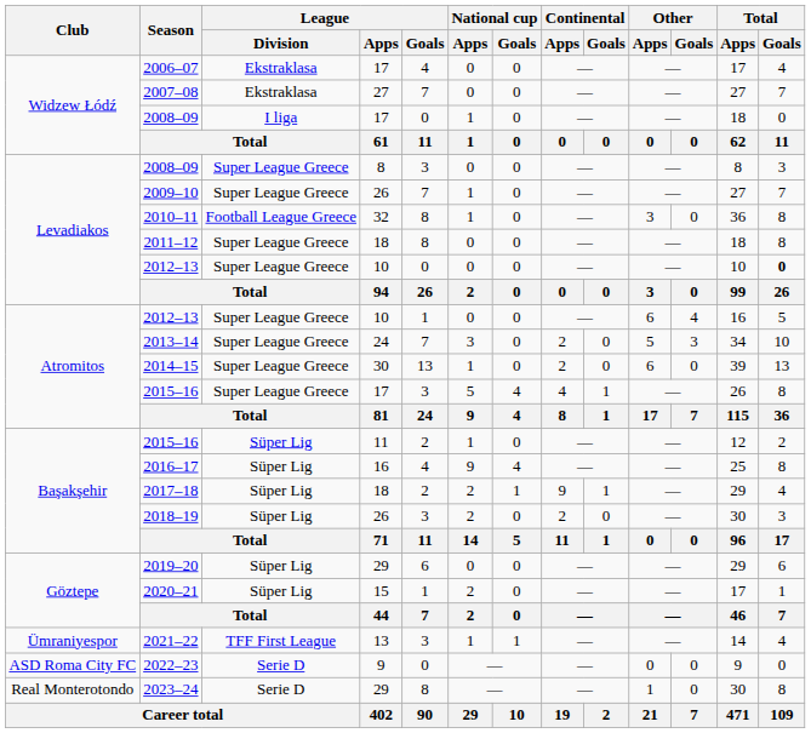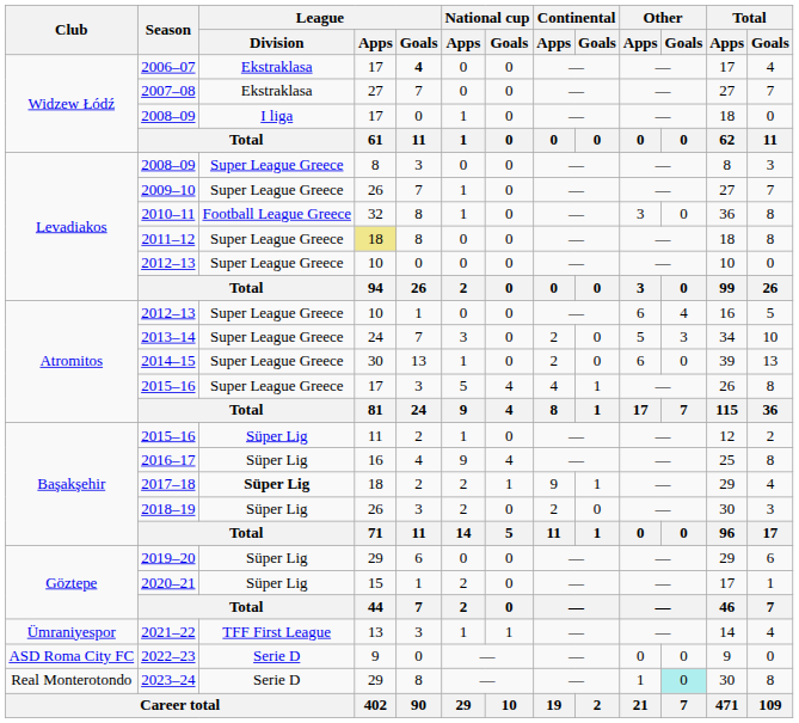 <table class="wikitable" style="text-align: center;">
 <tr>
 <th rowspan="2">Club</th>
 <th rowspan="2">Season</th>
 <th colspan="3">League</th>
 <th colspan="2">National cup</th>
 <th colspan="2">Continental</th>
 <th colspan="2">Other</th>
 <th colspan="2">Total</th>
 </tr>
 <tr>
 <th>Division</th>
 <th>Apps</th>
 <th>Goals</th>
 <th>Apps</th>
 <th>Goals</th>
 <th>Apps</th>
 <th>Goals</th>
 <th>Apps</th>
 <th>Goals</th>
 <th>Apps</th>
 <th>Goals</th>
 </tr>
 <tr>
 <td rowspan="4"><a href='#'>Widzew Łódź</a></td>
 <td><a href='#'>2006–07</a></td>
 <td><a href='#'>Ekstraklasa</a></td>
 <td>17</td>
-<td>4</td>
+<td><strong>4</strong></td>
 <td>0</td>
 <td>0</td>
 <td colspan="2">—</td>
 <td colspan="2">—</td>
 <td>17</td>
 <td>4</td>
 </tr>
 <tr>
 <td><a href='#'>2007–08</a></td>
 <td>Ekstraklasa</td>
 <td>27</td>
 <td>7</td>
 <td>0</td>
 <td>0</td>
 <td colspan="2">—</td>
 <td colspan="2">—</td>
 <td>27</td>
 <td>7</td>
 </tr>
 <tr>
 <td><a href='#'>2008–09</a></td>
 <td><a href='#'>I liga</a></td>
 <td>17</td>
 <td>0</td>
 <td>1</td>
 <td>0</td>
 <td colspan="2">—</td>
 <td colspan="2">—</td>
 <td>18</td>
 <td>0</td>
 </tr>
 <tr>
 <th colspan="2">Total</th>
 <th>61</th>
 <th>11</th>
 <th>1</th>
 <th>0</th>
 <th>0</th>
 <th>0</th>
 <th>0</th>
 <th>0</th>
 <th>62</th>
 <th>11</th>
 </tr>
 <tr>
 <td rowspan="6"><a href='#'>Levadiakos</a></td>
 <td><a href='#'>2008–09</a></td>
 <td><a href='#'>Super League Greece</a></td>
 <td>8</td>
 <td>3</td>
 <td>0</td>
 <td>0</td>
 <td colspan="2">—</td>
 <td colspan="2">—</td>
 <td>8</td>
 <td>3</td>
 </tr>
 <tr>
 <td><a href='#'>2009–10</a></td>
 <td>Super League Greece</td>
 <td>26</td>
 <td>7</td>
 <td>1</td>
 <td>0</td>
 <td colspan="2">—</td>
 <td colspan="2">—</td>
 <td>27</td>
 <td>7</td>
 </tr>
 <tr>
 <td><a href='#'>2010–11</a></td>
 <td><a href='#'>Football League Greece</a></td>
 <td>32</td>
 <td>8</td>
 <td>1</td>
 <td>0</td>
 <td colspan="2">—</td>
 <td>3</td>
 <td>0</td>
 <td>36</td>
 <td>8</td>
 </tr>
 <tr>
 <td><a href='#'>2011–12</a></td>
 <td>Super League Greece</td>
-<td>18</td>
+<td style="background: khaki;">18</td>
 <td>8</td>
 <td>0</td>
 <td>0</td>
 <td colspan="2">—</td>
 <td colspan="2">—</td>
 <td>18</td>
 <td>8</td>
 </tr>
 <tr>
 <td><a href='#'>2012–13</a></td>
 <td>Super League Greece</td>
 <td>10</td>
 <td>0</td>
 <td>0</td>
 <td>0</td>
 <td colspan="2">—</td>
 <td colspan="2">—</td>
 <td>10</td>
-<td><strong>0</strong></td>
+<td>0</td>
 </tr>
 <tr>
 <th colspan="2">Total</th>
 <th>94</th>
 <th>26</th>
 <th>2</th>
 <th>0</th>
 <th>0</th>
 <th>0</th>
 <th>3</th>
 <th>0</th>
 <th>99</th>
 <th>26</th>
 </tr>
 <tr>
 <td rowspan="5"><a href='#'>Atromitos</a></td>
 <td><a href='#'>2012–13</a></td>
 <td>Super League Greece</td>
 <td>10</td>
 <td>1</td>
 <td>0</td>
 <td>0</td>
 <td colspan="2">—</td>
 <td>6</td>
 <td>4</td>
 <td>16</td>
 <td>5</td>
 </tr>
 <tr>
 <td><a href='#'>2013–14</a></td>
 <td>Super League Greece</td>
 <td>24</td>
 <td>7</td>
 <td>3</td>
 <td>0</td>
 <td>2</td>
 <td>0</td>
 <td>5</td>
 <td>3</td>
 <td>34</td>
 <td>10</td>
 </tr>
 <tr>
 <td><a href='#'>2014–15</a></td>
 <td>Super League Greece</td>
 <td>30</td>
 <td>13</td>
 <td>1</td>
 <td>0</td>
 <td>2</td>
 <td>0</td>
 <td>6</td>
 <td>0</td>
 <td>39</td>
 <td>13</td>
 </tr>
 <tr>
 <td><a href='#'>2015–16</a></td>
 <td>Super League Greece</td>
 <td>17</td>
 <td>3</td>
 <td>5</td>
 <td>4</td>
 <td>4</td>
 <td>1</td>
 <td colspan="2">—</td>
 <td>26</td>
 <td>8</td>
 </tr>
 <tr>
 <th colspan="2">Total</th>
 <th>81</th>
 <th>24</th>
 <th>9</th>
 <th>4</th>
 <th>8</th>
 <th>1</th>
 <th>17</th>
 <th>7</th>
 <th>115</th>
 <th>36</th>
 </tr>
 <tr>
 <td rowspan="5"><a href='#'>Başakşehir</a></td>
 <td><a href='#'>2015–16</a></td>
 <td><a href='#'>Süper Lig</a></td>
 <td>11</td>
 <td>2</td>
 <td>1</td>
 <td>0</td>
 <td colspan="2">—</td>
 <td colspan="2">—</td>
 <td>12</td>
 <td>2</td>
 </tr>
 <tr>
 <td><a href='#'>2016–17</a></td>
 <td>Süper Lig</td>
 <td>16</td>
 <td>4</td>
 <td>9</td>
 <td>4</td>
 <td colspan="2">—</td>
 <td colspan="2">—</td>
 <td>25</td>
 <td>8</td>
 </tr>
 <tr>
 <td><a href='#'>2017–18</a></td>
-<td>Süper Lig</td>
+<td><strong>Süper Lig</strong></td>
 <td>18</td>
 <td>2</td>
 <td>2</td>
 <td>1</td>
 <td>9</td>
 <td>1</td>
 <td colspan="2">—</td>
 <td>29</td>
 <td>4</td>
 </tr>
 <tr>
 <td><a href='#'>2018–19</a></td>
 <td>Süper Lig</td>
 <td>26</td>
 <td>3</td>
 <td>2</td>
 <td>0</td>
 <td>2</td>
 <td>0</td>
 <td colspan=2>—</td>
 <td>30</td>
 <td>3</td>
 </tr>
 <tr>
 <th colspan="2">Total</th>
 <th>71</th>
 <th>11</th>
 <th>14</th>
 <th>5</th>
 <th>11</th>
 <th>1</th>
 <th>0</th>
 <th>0</th>
 <th>96</th>
 <th>17</th>
 </tr>
 <tr>
 <td rowspan="3"><a href='#'>Göztepe</a></td>
 <td><a href='#'>2019–20</a></td>
 <td>Süper Lig</td>
 <td>29</td>
 <td>6</td>
 <td>0</td>
 <td>0</td>
 <td colspan="2">—</td>
 <td colspan="2">—</td>
 <td>29</td>
 <td>6</td>
 </tr>
 <tr>
 <td><a href='#'>2020–21</a></td>
 <td>Süper Lig</td>
 <td>15</td>
 <td>1</td>
 <td>2</td>
 <td>0</td>
 <td colspan="2">—</td>
 <td colspan="2">—</td>
 <td>17</td>
 <td>1</td>
 </tr>
 <tr>
 <th colspan="2">Total</th>
 <th>44</th>
 <th>7</th>
 <th>2</th>
 <th>0</th>
 <th colspan="2">—</th>
 <th colspan="2">—</th>
 <th>46</th>
 <th>7</th>
 </tr>
 <tr>
 <td><a href='#'>Ümraniyespor</a></td>
 <td><a href='#'>2021–22</a></td>
 <td><a href='#'>TFF First League</a></td>
 <td>13</td>
 <td>3</td>
 <td>1</td>
 <td>1</td>
 <td colspan="2">—</td>
 <td colspan="2">—</td>
 <td>14</td>
 <td>4</td>
 </tr>
 <tr>
 <td><a href='#'>ASD Roma City FC</a></td>
 <td><a href='#'>2022–23</a></td>
 <td><a href='#'>Serie D</a></td>
 <td>9</td>
 <td>0</td>
 <td colspan="2">—</td>
 <td colspan="2">—</td>
 <td>0</td>
 <td>0</td>
 <td>9</td>
 <td>0</td>
 </tr>
 <tr>
 <td>Real Monterotondo</td>
 <td><a href='#'>2023–24</a></td>
 <td>Serie D</td>
 <td>29</td>
 <td>8</td>
 <td colspan="2">—</td>
 <td colspan="2">—</td>
 <td>1</td>
-<td>0</td>
+<td style="background: paleturquoise;">0</td>
 <td>30</td>
 <td>8</td>
 </tr>
 <tr>
 <th colspan="3">Career total</th>
 <th>402</th>
 <th>90</th>
 <th>29</th>
 <th>10</th>
 <th>19</th>
 <th>2</th>
 <th>21</th>
 <th>7</th>
 <th>471</th>
 <th>109</th>
 </tr>
 </table>
